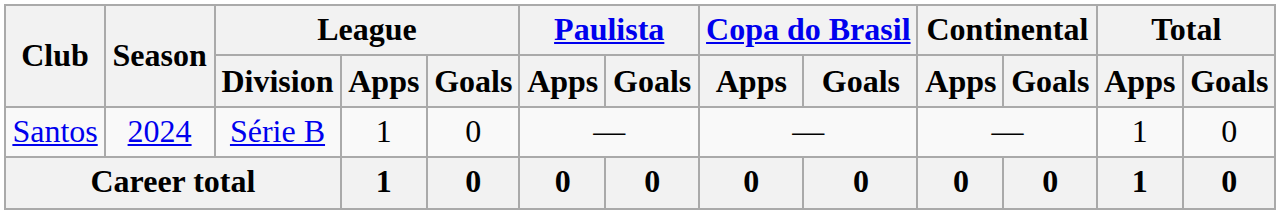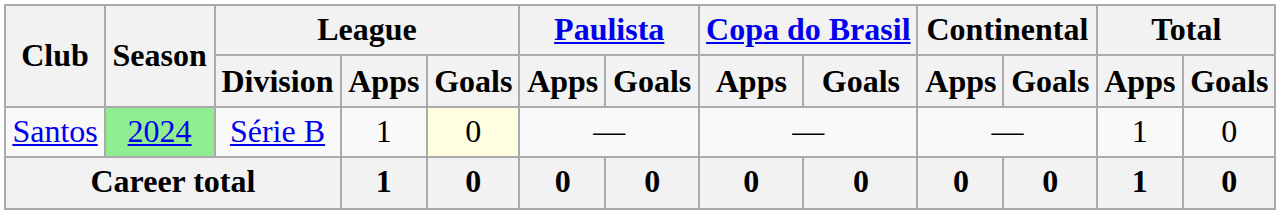 <table class="wikitable" style="text-align: center;">
 <tr>
 <th rowspan="2">Club</th>
 <th rowspan="2">Season</th>
 <th colspan="3">League</th>
 <th colspan="2"><a href='#'>Paulista</a></th>
 <th colspan="2"><a href='#'>Copa do Brasil</a></th>
 <th colspan="2">Continental</th>
 <th colspan="2">Total</th>
 </tr>
 <tr>
 <th>Division</th>
 <th>Apps</th>
 <th>Goals</th>
 <th>Apps</th>
 <th>Goals</th>
 <th>Apps</th>
 <th>Goals</th>
 <th>Apps</th>
 <th>Goals</th>
 <th>Apps</th>
 <th>Goals</th>
 </tr>
 <tr>
 <td><a href='#'>Santos</a></td>
-<td><a href='#'>2024</a></td>
+<td style="background: lightgreen;"><a href='#'>2024</a></td>
 <td><a href='#'>Série B</a></td>
 <td>1</td>
-<td>0</td>
+<td style="background: lightyellow;">0</td>
 <td colspan="2">—</td>
 <td colspan="2">—</td>
 <td colspan="2">—</td>
 <td>1</td>
 <td>0</td>
 </tr>
 <tr>
 <th colspan="3">Career total</th>
 <th>1</th>
 <th>0</th>
 <th>0</th>
 <th>0</th>
 <th>0</th>
 <th>0</th>
 <th>0</th>
 <th>0</th>
 <th>1</th>
 <th>0</th>
 </tr>
 </table>
